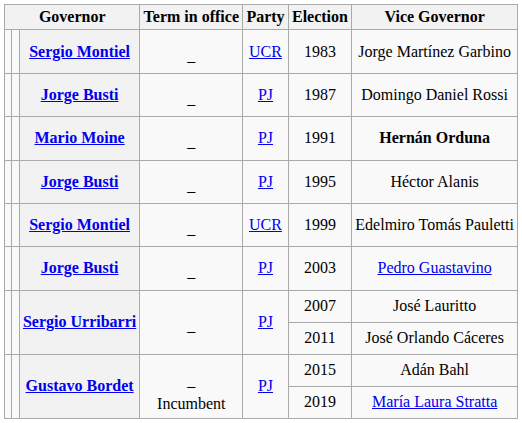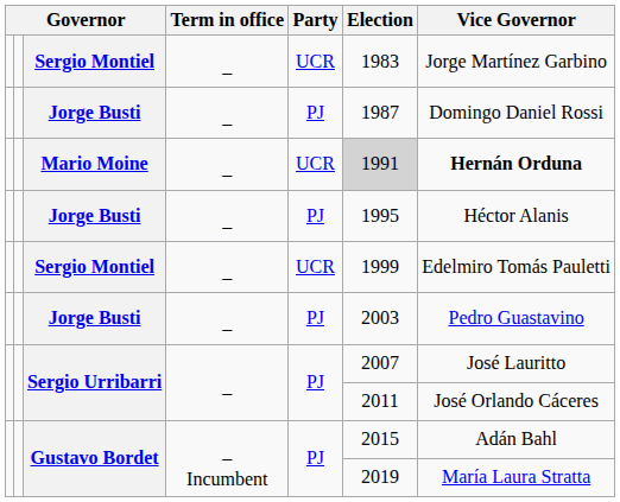 <table class="wikitable sortable" style="text-align: center;">
 <tr>
 <th scope="col" colspan="3">Governor</th>
 <th scope="col">Term in office</th>
 <th scope="col">Party</th>
 <th scope="col">Election</th>
 <th scope="col">Vice Governor</th>
 </tr>
 <tr style="height:2em;">
 <td data-sort-value="Montiel, Sergio"></td>
 <td style="background:"></td>
 <th scope="row"><a href='#'>Sergio Montiel</a></th>
 <td><br>–<br></td>
 <td><a href='#'>UCR</a></td>
 <td>1983</td>
 <td data-sort-value="Martínez Garbino, Jorge">Jorge Martínez Garbino</td>
 </tr>
 <tr style="height:2em;">
 <td data-sort-value="Busti, Jorge"></td>
 <td style="background:"></td>
 <th scope="row"><a href='#'>Jorge Busti</a></th>
 <td><br>–<br></td>
 <td><a href='#'>PJ</a></td>
 <td>1987</td>
 <td data-sort-value="Rossi, Domingo Daniel">Domingo Daniel Rossi</td>
 </tr>
 <tr style="height:2em;">
 <td data-sort-value="Moine, Mario"></td>
 <td style="background:"></td>
 <th scope="row"><a href='#'>Mario Moine</a></th>
 <td><br>–<br></td>
-<td><a href='#'>PJ</a></td>
-<td>1991</td>
+<td><a href='#'>UCR</a></td>
+<td style="background: lightgrey;">1991</td>
 <td data-sort-value="Orduna, Hernán"><strong>Hernán Orduna</strong></td>
 </tr>
 <tr style="height:2em;">
 <td data-sort-value="Busti, Jorge"></td>
 <td style="background:"></td>
 <th scope="row"><a href='#'>Jorge Busti</a></th>
 <td><br>–<br></td>
 <td><a href='#'>PJ</a></td>
 <td>1995</td>
 <td data-sort-value="Alanis, Héctor">Héctor Alanis</td>
 </tr>
 <tr style="height:2em;">
 <td data-sort-value="Montiel, Sergio"></td>
 <td style="background:"></td>
 <th scope="row"><a href='#'>Sergio Montiel</a></th>
 <td><br>–<br></td>
 <td><a href='#'>UCR</a></td>
 <td>1999</td>
 <td data-sort-value="Pauletti, Edelmiro Tomás">Edelmiro Tomás Pauletti</td>
 </tr>
 <tr style="height:2em;">
 <td data-sort-value="Busti, Jorge"></td>
 <td style="background:"></td>
 <th scope="row"><a href='#'>Jorge Busti</a></th>
 <td><br>–<br></td>
 <td><a href='#'>PJ</a></td>
 <td>2003</td>
 <td data-sort-value="Guastavino, Pedro"><a href='#'>Pedro Guastavino</a></td>
 </tr>
 <tr style="height:2em;">
 <td rowspan="2" data-sort-value="Urribarri, Sergio"></td>
 <td rowspan="2" style="background:"></td>
 <th rowspan="2" scope="row"><a href='#'>Sergio Urribarri</a></th>
 <td rowspan="2"><br>–<br></td>
 <td rowspan="2"><a href='#'>PJ</a></td>
 <td>2007</td>
 <td data-sort-value="Lauritto, José">José Lauritto</td>
 </tr>
 <tr style="height:2em;">
 <td>2011</td>
 <td data-sort-value="Cáceres, José Orlando">José Orlando Cáceres</td>
 </tr>
 <tr style="height:2em;">
 <td rowspan="2" data-sort-value="Bordet, Gustavo"></td>
 <td rowspan="2" style="background:"></td>
 <th rowspan="2" scope="row"><a href='#'>Gustavo Bordet</a></th>
 <td rowspan="2"><br>–<br>Incumbent</td>
 <td rowspan="2"><a href='#'>PJ</a></td>
 <td>2015</td>
 <td data-sort-value="Bahl, Adán">Adán Bahl</td>
 </tr>
 <tr style="height:2em;">
 <td>2019</td>
 <td data-sort-value="Stratta, María Laura"><a href='#'>María Laura Stratta</a></td>
 </tr>
 </table>
